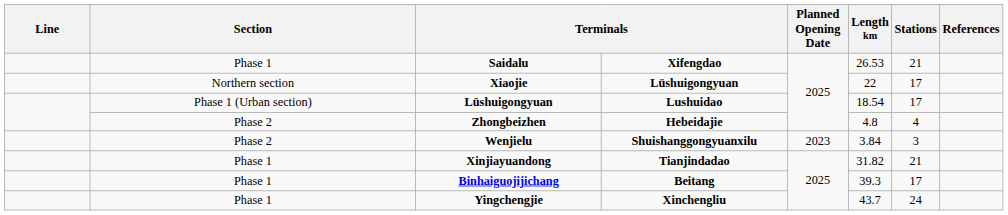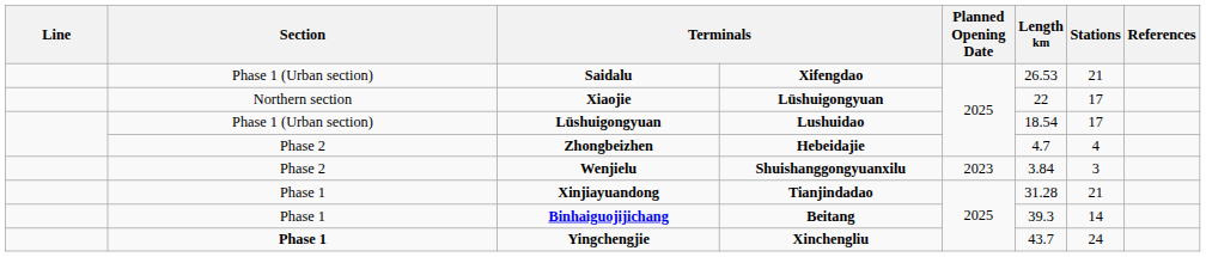 <table class="wikitable sortable" style="cell-padding:1.5; font-size:96%; text-align:center;">
 <tr>
 <th data-sort-type="text" style="width:100px;">Line</th>
 <th class="sortable" style="width:400px; line-height:1.05">Section</th>
 <th colspan="2" class="sortable" style="width:400px; line-height:1.05">Terminals</th>
 <th>Planned Opening Date</th>
 <th style="line-height:1.05">Length<br><small>km</small></th>
 <th style="line-height:1.05">Stations</th>
 <th>References</th>
 </tr>
 <tr>
 <td></td>
-<td>Phase 1</td>
+<td style="text-align:center; line-height:1.05">Phase 1 (Urban section)</td>
 <td><strong>Saidalu</strong></td>
 <td><strong>Xifengdao</strong></td>
 <td rowspan="4">2025</td>
 <td>26.53</td>
 <td>21</td>
 <td></td>
 </tr>
 <tr>
 <td></td>
 <td>Northern section</td>
 <td style="text-align:center; width:225px; line-height:1.05"><strong>Xiaojie</strong></td>
 <td style="text-align:center; width:225px; line-height:1.05"><strong>Lüshuigongyuan</strong></td>
 <td style="text-align:center; line-height:1.05">22</td>
 <td style="text-align:center; line-height:1.05">17</td>
 <td></td>
 </tr>
 <tr>
 <td rowspan="2" style="text-align:center; line-height:1.05"></td>
 <td style="text-align:center; line-height:1.05">Phase 1 (Urban section)</td>
 <td style="text-align:center; width:225px; line-height:1.05"><strong>Lüshuigongyuan</strong></td>
 <td style="text-align:center; width:225px; line-height:1.05"><strong>Lushuidao</strong></td>
 <td style="text-align:center; line-height:1.05">18.54</td>
 <td style="text-align:center; line-height:1.05">17</td>
 <td></td>
 </tr>
 <tr>
 <td style="text-align:center; line-height:1.05">Phase 2</td>
 <td style="text-align:center; width:225px; line-height:1.05"><strong>Zhongbeizhen</strong></td>
 <td style="text-align:center; width:225px; line-height:1.05"><strong>Hebeidajie</strong></td>
-<td style="text-align:center; line-height:1.05">4.8</td>
+<td style="text-align:center; line-height:1.05">4.7</td>
 <td style="text-align:center; line-height:1.05">4</td>
 <td></td>
 </tr>
 <tr>
 <td></td>
 <td>Phase 2</td>
 <td><strong>Wenjielu</strong></td>
 <td><strong>Shuishanggongyuanxilu</strong></td>
 <td>2023</td>
 <td>3.84</td>
 <td>3</td>
 <td></td>
 </tr>
 <tr>
 <td></td>
 <td>Phase 1</td>
 <td><strong>Xinjiayuandong</strong></td>
 <td><strong>Tianjindadao</strong></td>
 <td rowspan="3">2025</td>
-<td>31.82</td>
+<td>31.28</td>
 <td>21</td>
 <td></td>
 </tr>
 <tr>
 <td></td>
 <td>Phase 1</td>
 <td><strong><a href='#'>Binhaiguojijichang</a></strong></td>
 <td><strong>Beitang</strong></td>
 <td>39.3</td>
-<td>17</td>
+<td>14</td>
 <td></td>
 </tr>
 <tr>
 <td style="text-align:center; line-height:1.05"></td>
-<td style="text-align:center; line-height:1.05">Phase 1</td>
+<td style="text-align:center; line-height:1.05"><strong>Phase 1</strong></td>
 <td style="text-align:center; width:225px; line-height:1.05"><strong>Yingchengjie</strong></td>
 <td style="text-align:center; width:225px; line-height:1.05"><strong>Xinchengliu</strong></td>
 <td style="text-align:center; line-height:1.05">43.7</td>
 <td style="text-align:center; line-height:1.05">24</td>
 <td></td>
 </tr>
 </table>
